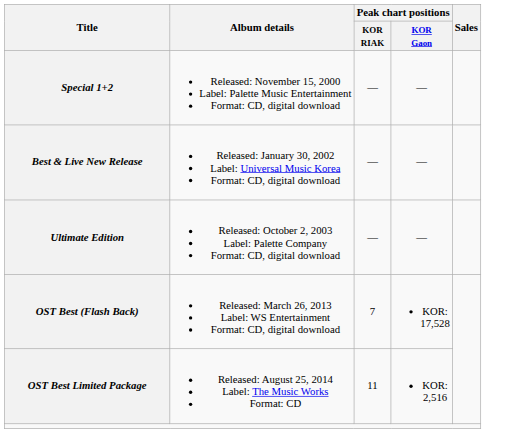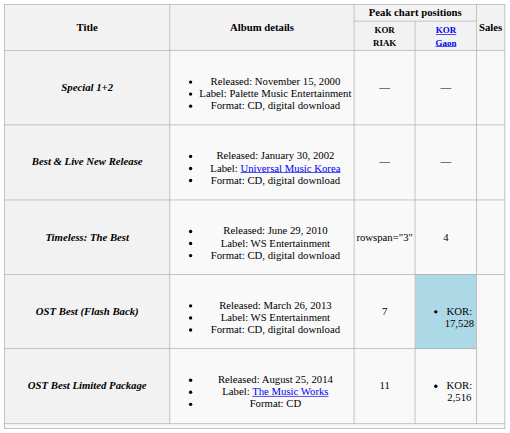 <table class="wikitable plainrowheaders" style="text-align:center;">
 <tr>
 <th scope="col" rowspan="2" style="width:15em;">Title</th>
 <th scope="col" rowspan="2">Album details</th>
 <th scope="col" colspan="2">Peak chart positions</th>
 <th scope="col" rowspan="2">Sales</th>
 </tr>
 <tr>
 <th scope="col" style="width:3em"><small>KOR<br>RIAK</small><br></th>
 <th scope="col" style="width:3em"><small><a href='#'>KOR<br>Gaon</a></small><br></th>
 </tr>
 <tr>
 <th scope="row"><em>Special 1+2</em></th>
 <td><br><ul><li>Released: November 15, 2000</li><li>Label: Palette Music Entertainment</li><li>Format: CD, digital download</li></ul></td>
 <td>—</td>
 <td>—</td>
 <td></td>
 </tr>
 <tr>
 <th scope="row"><em>Best & Live New Release</em></th>
 <td><br><ul><li>Released: January 30, 2002</li><li>Label: <a href='#'>Universal Music Korea</a></li><li>Format: CD, digital download</li></ul></td>
 <td>—</td>
 <td>—</td>
 <td></td>
 </tr>
 <tr>
-<th scope="row"><em>Ultimate Edition</em></th>
-<td><br><ul><li>Released: October 2, 2003</li><li>Label: Palette Company</li><li>Format: CD, digital download</li></ul></td>
-<td>—</td>
-<td>—</td>
+<th scope="row"><em>Timeless: The Best</em></th>
+<td><br><ul><li>Released: June 29, 2010</li><li>Label: WS Entertainment</li><li>Format: CD, digital download</li></ul></td>
+<td>rowspan="3" </td>
+<td>4</td>
 <td></td>
 </tr>
 <tr>
 <th scope="row"><em>OST Best (Flash Back)</em></th>
 <td><br><ul><li>Released: March 26, 2013</li><li>Label: WS Entertainment</li><li>Format: CD, digital download</li></ul></td>
 <td>7</td>
-<td><br><ul><li>KOR: 17,528</li></ul></td>
+<td style="background: lightblue;"><br><ul><li>KOR: 17,528</li></ul></td>
 </tr>
 <tr>
 <th scope="row"><em>OST Best Limited Package</em></th>
 <td><br><ul><li>Released: August 25, 2014</li><li>Label: <a href='#'>The Music Works</a></li><li>Format: CD</li></ul></td>
 <td>11</td>
 <td><br><ul><li>KOR: 2,516</li></ul></td>
 </tr>
 <tr>
 <td colspan="5"></td>
 </tr>
 </table>
